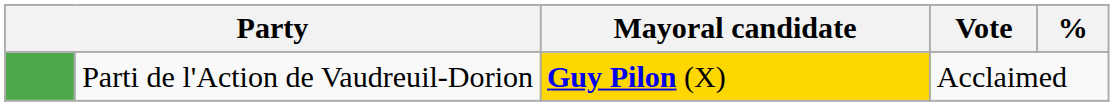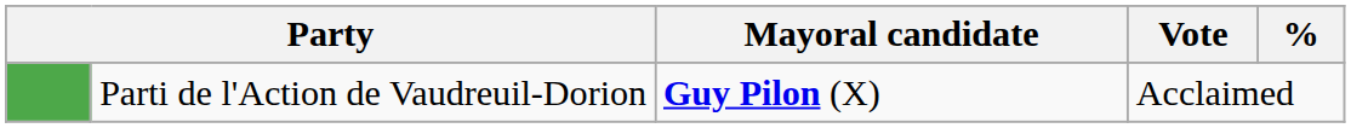 <table class="wikitable">
 <tr>
 <th bgcolor="#DDDDFF" width="230px" colspan="2">Party</th>
 <th bgcolor="#DDDDFF" width="200px">Mayoral candidate</th>
 <th bgcolor="#DDDDFF" width="50px">Vote</th>
 <th bgcolor="#DDDDFF" width="30px">%</th>
 </tr>
 <tr>
 <td bgcolor=#4DA849  width="30px"> </td>
 <td>Parti de l'Action de Vaudreuil-Dorion</td>
-<td style="background: gold;"><strong><a href='#'>Guy Pilon</a></strong> (X)</td>
+<td><strong><a href='#'>Guy Pilon</a></strong> (X)</td>
 <td colspan="2">Acclaimed</td>
 </tr>
 </table>
